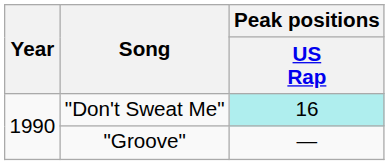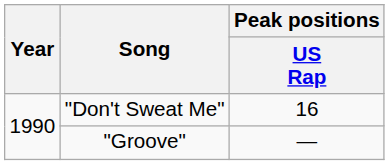 <table class="wikitable" style="text-align:center">
 <tr>
 <th rowspan="2">Year</th>
 <th rowspan="2">Song</th>
 <th>Peak positions</th>
 </tr>
 <tr>
 <th scope="col"><a href='#'>US<br>Rap</a><br></th>
 </tr>
 <tr>
 <td rowspan="2">1990</td>
 <td>"Don't Sweat Me"</td>
-<td style="background: paleturquoise;">16</td>
+<td>16</td>
 </tr>
 <tr>
 <td>"Groove"</td>
 <td>—</td>
 </tr>
 </table>
